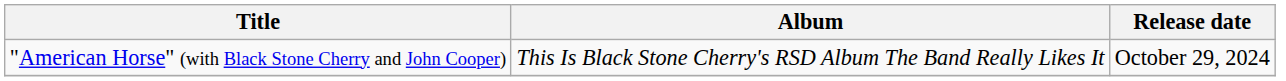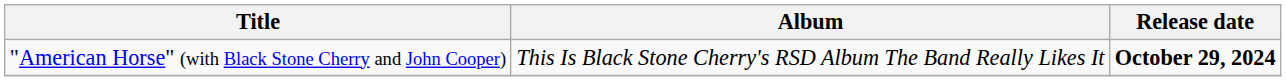 <table class="wikitable">
 <tr>
 <th>Title</th>
 <th>Album</th>
 <th>Release date</th>
 </tr>
 <tr>
 <td>"<a href='#'>American Horse</a>" <small>(with <a href='#'>Black Stone Cherry</a> and <a href='#'>John Cooper</a>)</small></td>
 <td><em>This Is Black Stone Cherry's RSD Album The Band Really Likes It</em></td>
-<td>October 29, 2024</td>
+<td><strong>October 29, 2024</strong></td>
 </tr>
 <tr>
 </tr>
 </table>
